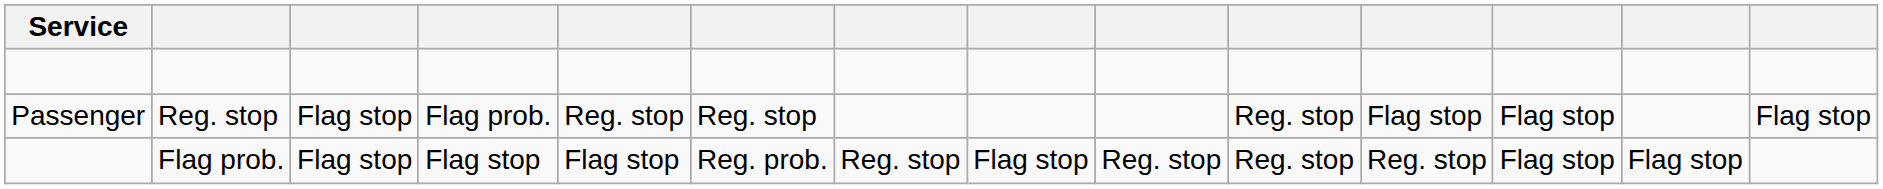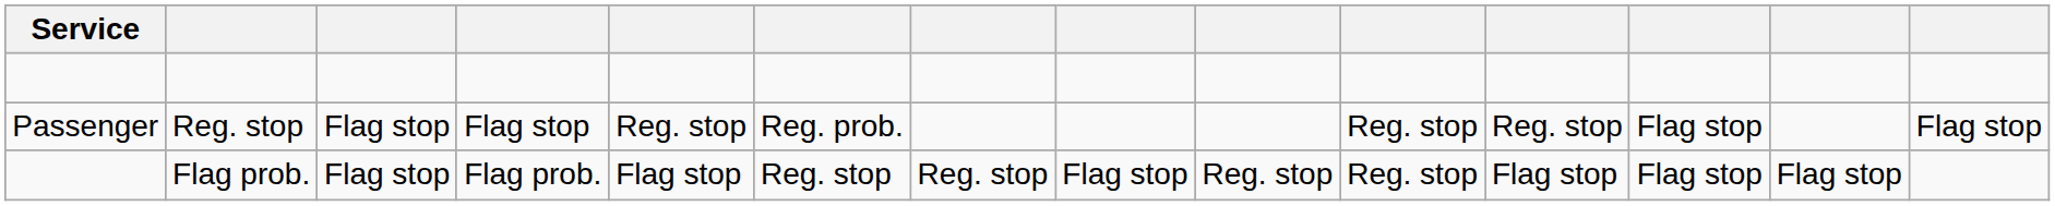 <table class="wikitable">
 <tr>
 <th>Service</th>
 <th></th>
 <th></th>
 <th></th>
 <th></th>
 <th></th>
 <th></th>
 <th></th>
 <th></th>
 <th></th>
 <th></th>
 <th></th>
 <th></th>
 <th></th>
 </tr>
 <tr>
 <td></td>
 <td></td>
 <td></td>
 <td></td>
 <td></td>
 <td></td>
 <td></td>
 <td></td>
 <td></td>
 <td><br></td>
 <td><br></td>
 <td></td>
 <td><br></td>
 <td></td>
 </tr>
 <tr>
 <td>Passenger</td>
 <td>Reg. stop</td>
 <td>Flag stop</td>
-<td>Flag prob.</td>
+<td>Flag stop</td>
 <td>Reg. stop</td>
-<td>Reg. stop</td>
+<td>Reg. prob.</td>
 <td></td>
 <td></td>
 <td></td>
 <td>Reg. stop</td>
-<td>Flag stop</td>
+<td>Reg. stop</td>
 <td>Flag stop</td>
 <td></td>
 <td>Flag stop</td>
 </tr>
 <tr>
 <td></td>
 <td>Flag prob.</td>
 <td>Flag stop</td>
+<td>Flag prob.</td>
 <td>Flag stop</td>
-<td>Flag stop</td>
-<td>Reg. prob.</td>
+<td>Reg. stop</td>
 <td>Reg. stop</td>
 <td>Flag stop</td>
 <td>Reg. stop</td>
 <td>Reg. stop</td>
-<td>Reg. stop</td>
+<td>Flag stop</td>
 <td>Flag stop</td>
 <td>Flag stop</td>
 <td></td>
 </tr>
 </table>
